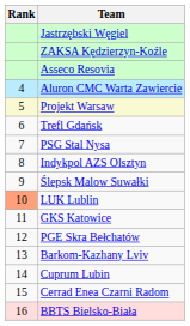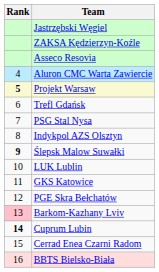 <table class="wikitable" style="white-space: nowrap; width:25%">
 <tr>
 <th width=15%>Rank</th>
 <th>Team</th>
 </tr>
 <tr bgcolor=#CCFFCC>
 <td style="text-align:center;"></td>
 <td><a href='#'>Jastrzębski Węgiel</a></td>
 </tr>
 <tr bgcolor=#CCFFCC>
 <td style="text-align:center;"></td>
 <td><a href='#'>ZAKSA Kędzierzyn-Koźle</a></td>
 </tr>
 <tr bgcolor=#CCFFCC>
 <td style="text-align:center;"></td>
 <td><a href='#'>Asseco Resovia</a></td>
 </tr>
 <tr bgcolor=#BBEBFF>
 <td style="text-align:center;">4</td>
 <td><a href='#'>Aluron CMC Warta Zawiercie</a></td>
 </tr>
 <tr bgcolor=#FAFAD2>
-<td style="text-align:center;">5</td>
+<td style="text-align:center;"><strong>5</strong></td>
 <td><a href='#'>Projekt Warsaw</a></td>
 </tr>
 <tr>
 <td style="text-align:center;">6</td>
 <td><a href='#'>Trefl Gdańsk</a></td>
 </tr>
 <tr>
 <td style="text-align:center;">7</td>
 <td><a href='#'>PSG Stal Nysa</a></td>
 </tr>
 <tr>
 <td style="text-align:center;">8</td>
 <td><a href='#'>Indykpol AZS Olsztyn</a></td>
 </tr>
 <tr>
-<td style="text-align:center;">9</td>
+<td style="text-align:center;"><strong>9</strong></td>
 <td><a href='#'>Ślepsk Malow Suwałki</a></td>
 </tr>
 <tr>
-<td style="background: lightsalmon; text-align:center;">10</td>
+<td style="text-align:center;">10</td>
 <td><a href='#'>LUK Lublin</a></td>
 </tr>
 <tr>
 <td style="text-align:center;">11</td>
 <td><a href='#'>GKS Katowice</a></td>
 </tr>
 <tr>
 <td style="text-align:center;">12</td>
 <td><a href='#'>PGE Skra Bełchatów</a></td>
 </tr>
 <tr>
-<td style="text-align:center;">13</td>
+<td style="background: pink; text-align:center;">13</td>
 <td><a href='#'>Barkom-Kazhany Lviv</a></td>
 </tr>
 <tr>
-<td style="text-align:center;">14</td>
+<td style="text-align:center;"><strong>14</strong></td>
 <td><a href='#'>Cuprum Lubin</a></td>
 </tr>
 <tr>
 <td style="text-align:center;">15</td>
 <td><a href='#'>Cerrad Enea Czarni Radom</a></td>
 </tr>
 <tr bgcolor=#FFDDDD>
 <td style="text-align:center;">16</td>
 <td><a href='#'>BBTS Bielsko-Biała</a></td>
 </tr>
 </table>
